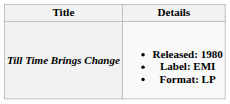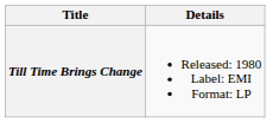 <table class="wikitable plainrowheaders" style="text-align:center;" border="1">
 <tr>
 <th scope="col" rowspan="1">Title</th>
 <th scope="col" rowspan="1">Details</th>
 </tr>
 <tr>
 <th scope="row"><em>Till Time Brings Change</em></th>
-<td><strong><br><ul><li>Released: 1980</li><li>Label: EMI</li><li>Format: LP</li></ul></strong></td>
+<td><br><ul><li>Released: 1980</li><li>Label: EMI</li><li>Format: LP</li></ul></td>
 </tr>
 </table>
